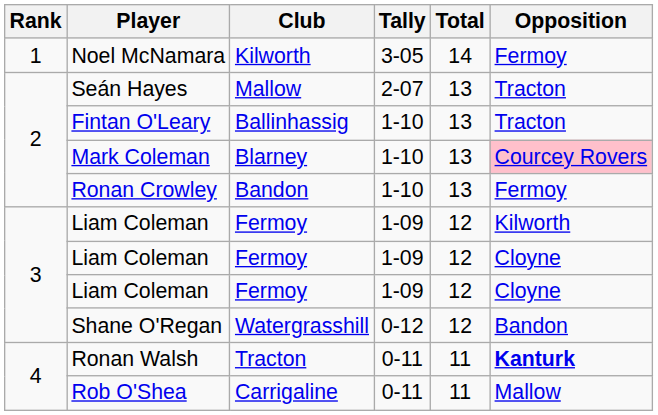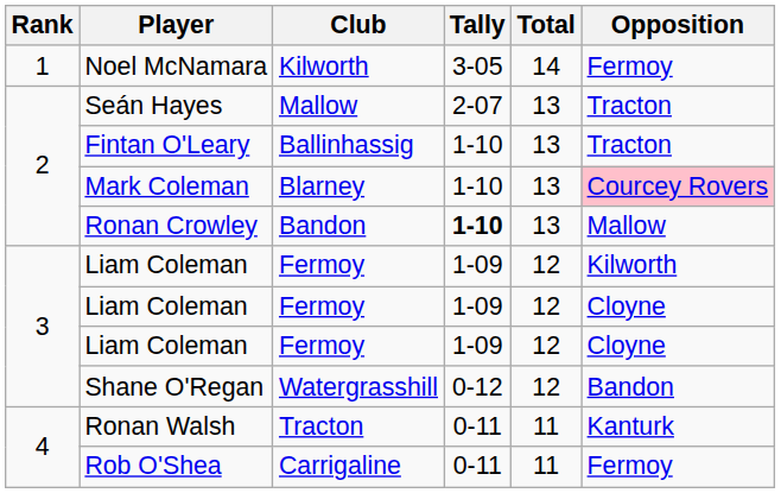 <table class="wikitable">
 <tr>
 <th>Rank</th>
 <th>Player</th>
 <th>Club</th>
 <th>Tally</th>
 <th>Total</th>
 <th>Opposition</th>
 </tr>
 <tr>
 <td rowspan="1" style="text-align:center;">1</td>
 <td>Noel McNamara</td>
 <td><a href='#'>Kilworth</a></td>
 <td align=center>3-05</td>
 <td align=center>14</td>
 <td><a href='#'>Fermoy</a></td>
 </tr>
 <tr>
 <td rowspan="4" style="text-align:center;">2</td>
 <td>Seán Hayes</td>
 <td><a href='#'>Mallow</a></td>
 <td align=center>2-07</td>
 <td align=center>13</td>
 <td><a href='#'>Tracton</a></td>
 </tr>
 <tr>
 <td><a href='#'>Fintan O'Leary</a></td>
 <td><a href='#'>Ballinhassig</a></td>
 <td align=center>1-10</td>
 <td align=center>13</td>
 <td><a href='#'>Tracton</a></td>
 </tr>
 <tr>
 <td><a href='#'>Mark Coleman</a></td>
 <td><a href='#'>Blarney</a></td>
 <td align=center>1-10</td>
 <td align=center>13</td>
 <td style="background: pink;"><a href='#'>Courcey Rovers</a></td>
 </tr>
 <tr>
 <td><a href='#'>Ronan Crowley</a></td>
 <td><a href='#'>Bandon</a></td>
-<td align=center>1-10</td>
+<td align=center><strong>1-10</strong></td>
 <td align=center>13</td>
-<td><a href='#'>Fermoy</a></td>
+<td><a href='#'>Mallow</a></td>
 </tr>
 <tr>
 <td rowspan="4" style="text-align:center;">3</td>
 <td>Liam Coleman</td>
 <td><a href='#'>Fermoy</a></td>
 <td align=center>1-09</td>
 <td align=center>12</td>
 <td><a href='#'>Kilworth</a></td>
 </tr>
 <tr>
 <td>Liam Coleman</td>
 <td><a href='#'>Fermoy</a></td>
 <td align=center>1-09</td>
 <td align=center>12</td>
 <td><a href='#'>Cloyne</a></td>
 </tr>
 <tr>
 <td>Liam Coleman</td>
 <td><a href='#'>Fermoy</a></td>
 <td align=center>1-09</td>
 <td align=center>12</td>
 <td><a href='#'>Cloyne</a></td>
 </tr>
 <tr>
 <td>Shane O'Regan</td>
 <td><a href='#'>Watergrasshill</a></td>
 <td align=center>0-12</td>
 <td align=center>12</td>
 <td><a href='#'>Bandon</a></td>
 </tr>
 <tr>
 <td rowspan="2" style="text-align:center;">4</td>
 <td>Ronan Walsh</td>
 <td><a href='#'>Tracton</a></td>
 <td align=center>0-11</td>
 <td align=center>11</td>
-<td><strong><a href='#'>Kanturk</a></strong></td>
+<td><a href='#'>Kanturk</a></td>
 </tr>
 <tr>
 <td><a href='#'>Rob O'Shea</a></td>
 <td><a href='#'>Carrigaline</a></td>
 <td align=center>0-11</td>
 <td align=center>11</td>
-<td><a href='#'>Mallow</a></td>
+<td><a href='#'>Fermoy</a></td>
 </tr>
 </table>
